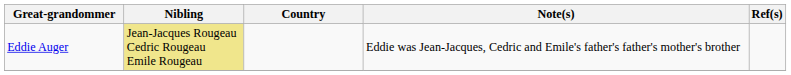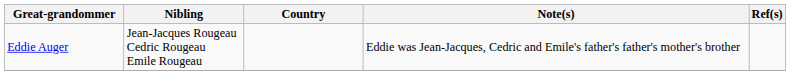 <table class="wikitable sortable">
 <tr>
 <th style="width:150px;">Great-grandommer</th>
 <th style="width:150px;">Nibling</th>
 <th style="width:150px;">Country</th>
 <th style="width:500px;">Note(s)</th>
 <th style="width:*;">Ref(s)</th>
 </tr>
 <tr>
 <td><a href='#'>Eddie Auger</a></td>
-<td style="background: khaki;">Jean-Jacques Rougeau<br>Cedric Rougeau<br>Emile Rougeau</td>
+<td>Jean-Jacques Rougeau<br>Cedric Rougeau<br>Emile Rougeau</td>
 <td></td>
 <td>Eddie was Jean-Jacques, Cedric and Emile's father's father's mother's brother</td>
 <td></td>
 </tr>
 <tr>
 </tr>
 </table>
